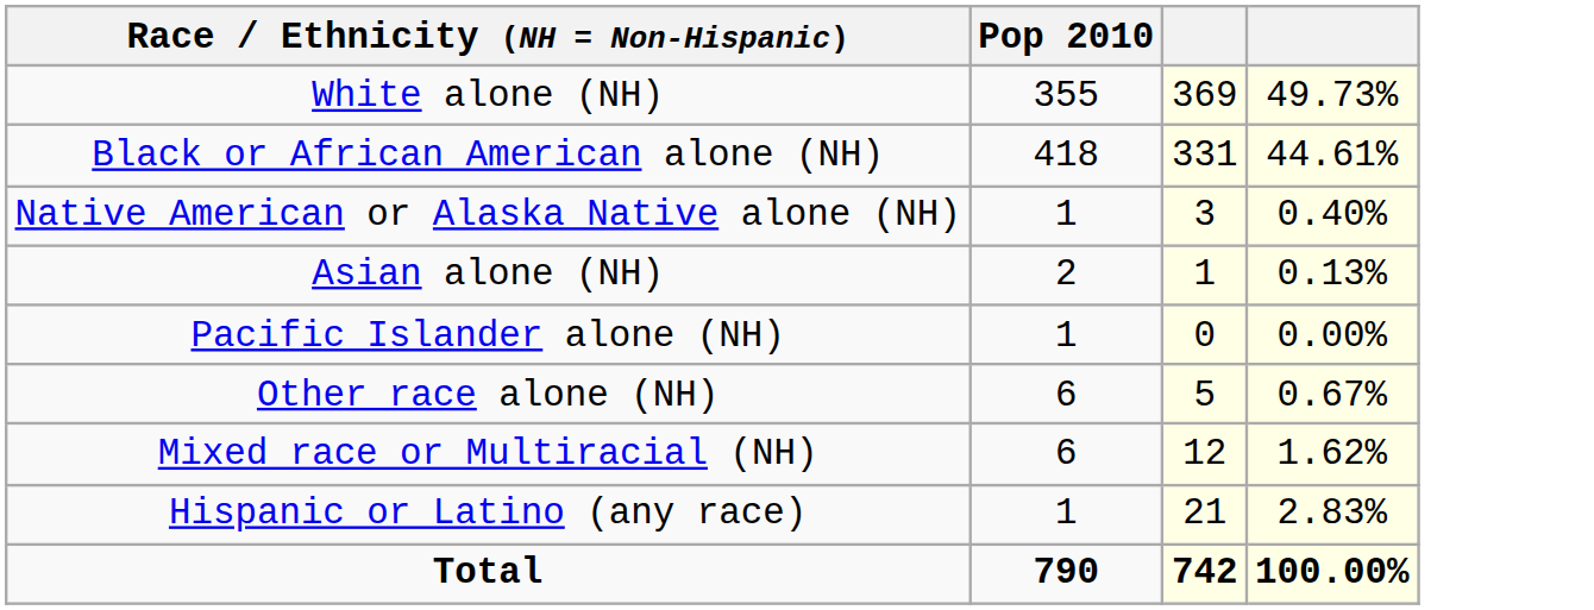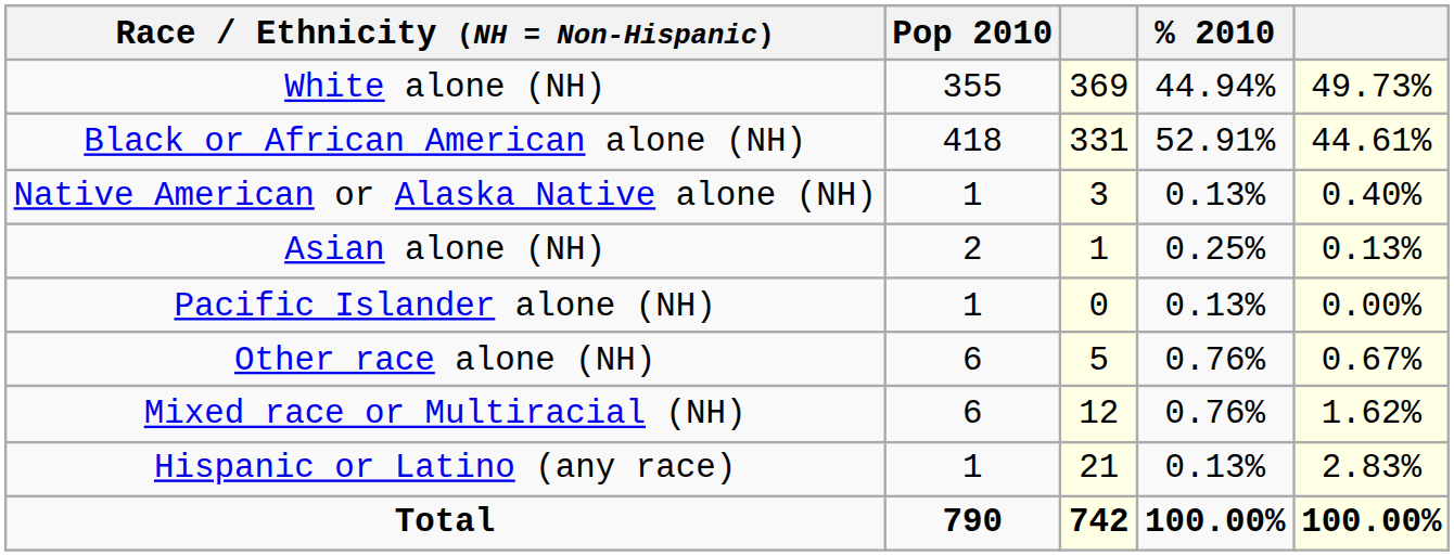 <table class="wikitable" style="text-align:center;">
 <tr>
 <th>Race / Ethnicity <small>(<em>NH = Non-Hispanic</em>)</small></th>
 <th>Pop 2010</th>
 <th></th>
+<th>% 2010</th>
 <th></th>
 </tr>
 <tr>
 <td><a href='#'>White</a> alone (NH)</td>
 <td>355</td>
 <td style='background: #ffffe6;'>369</td>
+<td>44.94%</td>
 <td style='background: #ffffe6;'>49.73%</td>
 </tr>
 <tr>
 <td><a href='#'>Black or African American</a> alone (NH)</td>
 <td>418</td>
 <td style='background: #ffffe6;'>331</td>
+<td>52.91%</td>
 <td style='background: #ffffe6;'>44.61%</td>
 </tr>
 <tr>
 <td><a href='#'>Native American</a> or <a href='#'>Alaska Native</a> alone (NH)</td>
 <td>1</td>
 <td style='background: #ffffe6;'>3</td>
+<td>0.13%</td>
 <td style='background: #ffffe6;'>0.40%</td>
 </tr>
 <tr>
 <td><a href='#'>Asian</a> alone (NH)</td>
 <td>2</td>
 <td style='background: #ffffe6;'>1</td>
+<td>0.25%</td>
 <td style='background: #ffffe6;'>0.13%</td>
 </tr>
 <tr>
 <td><a href='#'>Pacific Islander</a> alone (NH)</td>
 <td>1</td>
 <td style='background: #ffffe6;'>0</td>
+<td>0.13%</td>
 <td style='background: #ffffe6;'>0.00%</td>
 </tr>
 <tr>
 <td><a href='#'>Other race</a> alone (NH)</td>
 <td>6</td>
 <td style='background: #ffffe6;'>5</td>
+<td>0.76%</td>
 <td style='background: #ffffe6;'>0.67%</td>
 </tr>
 <tr>
 <td><a href='#'>Mixed race or Multiracial</a> (NH)</td>
 <td>6</td>
 <td style='background: #ffffe6;'>12</td>
+<td>0.76%</td>
 <td style='background: #ffffe6;'>1.62%</td>
 </tr>
 <tr>
 <td><a href='#'>Hispanic or Latino</a> (any race)</td>
 <td>1</td>
 <td style='background: #ffffe6;'>21</td>
+<td>0.13%</td>
 <td style='background: #ffffe6;'>2.83%</td>
 </tr>
 <tr>
 <td><strong>Total</strong></td>
 <td><strong>790</strong></td>
 <td style='background: #ffffe6;'><strong>742</strong></td>
+<td><strong>100.00%</strong></td>
 <td style='background: #ffffe6;'><strong>100.00%</strong></td>
 </tr>
 </table>
